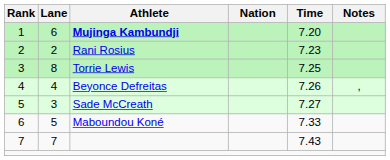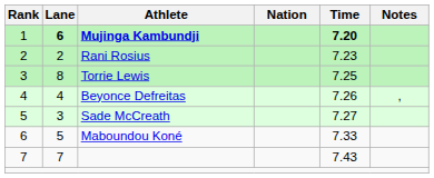 <table class="wikitable sortable" style="text-align:center;width: 60%;">
 <tr>
 <th scope="col" style="width: 10px;">Rank</th>
 <th scope="col" style="width: 10px;">Lane</th>
 <th scope="col">Athlete</th>
 <th scope="col">Nation</th>
 <th scope="col">Time</th>
 <th scope="col">Notes</th>
 </tr>
 <tr bgcolor=bbf3bb>
 <td>1</td>
-<td>6</td>
+<td><strong>6</strong></td>
 <td align=left><strong><a href='#'>Mujinga Kambundji</a></strong></td>
 <td align=left></td>
-<td>7.20</td>
+<td><strong>7.20</strong></td>
 <td></td>
 </tr>
 <tr bgcolor=bbf3bb>
 <td>2</td>
 <td>2</td>
 <td align=left><a href='#'>Rani Rosius</a></td>
 <td align=left></td>
 <td>7.23</td>
 <td></td>
 </tr>
 <tr bgcolor=bbf3bb>
 <td>3</td>
 <td>8</td>
 <td align=left><a href='#'>Torrie Lewis</a></td>
 <td align=left></td>
 <td>7.25</td>
 <td></td>
 </tr>
 <tr bgcolor=ddffdd>
 <td>4</td>
 <td>4</td>
 <td align=left><a href='#'>Beyonce Defreitas</a></td>
 <td align=left></td>
 <td>7.26</td>
 <td>, </td>
 </tr>
 <tr bgcolor=ddffdd>
 <td>5</td>
 <td>3</td>
 <td align=left><a href='#'>Sade McCreath</a></td>
 <td align=left></td>
 <td>7.27</td>
 <td></td>
 </tr>
 <tr>
 <td>6</td>
 <td>5</td>
 <td align=left><a href='#'>Maboundou Koné</a></td>
 <td align=left></td>
 <td>7.33</td>
 <td></td>
 </tr>
 <tr>
 <td>7</td>
 <td>7</td>
 <td align=left></td>
 <td align=left></td>
 <td>7.43</td>
 <td></td>
 </tr>
 <tr class="sortbottom">
 <td colspan="6"></td>
 </tr>
 </table>
